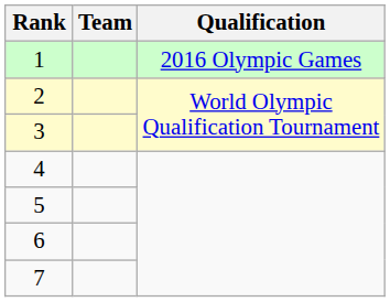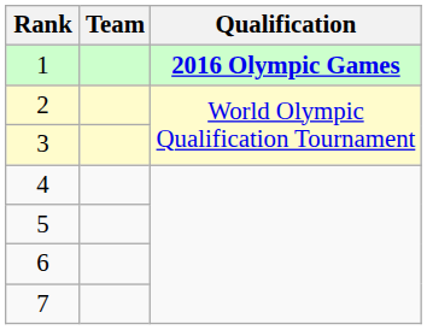 <table class="wikitable" style="text-align: center;">
 <tr>
 <th width=40>Rank</th>
 <th>Team</th>
 <th>Qualification</th>
 </tr>
 <tr bgcolor=#ccffcc>
 <td>1</td>
 <td align=left></td>
-<td><a href='#'>2016 Olympic Games</a></td>
+<td><strong><a href='#'>2016 Olympic Games</a></strong></td>
 </tr>
 <tr bgcolor=#fffccc>
 <td>2</td>
 <td align=left></td>
 <td rowspan=2><a href='#'>World Olympic<br>Qualification Tournament</a></td>
 </tr>
 <tr bgcolor=#fffccc>
 <td>3</td>
 <td align=left></td>
 </tr>
 <tr>
 <td>4</td>
 <td align=left></td>
 <td rowspan=4></td>
 </tr>
 <tr>
 <td>5</td>
 <td align=left></td>
 </tr>
 <tr>
 <td>6</td>
 <td align=left></td>
 </tr>
 <tr>
 <td>7</td>
 <td align=left></td>
 </tr>
 </table>
